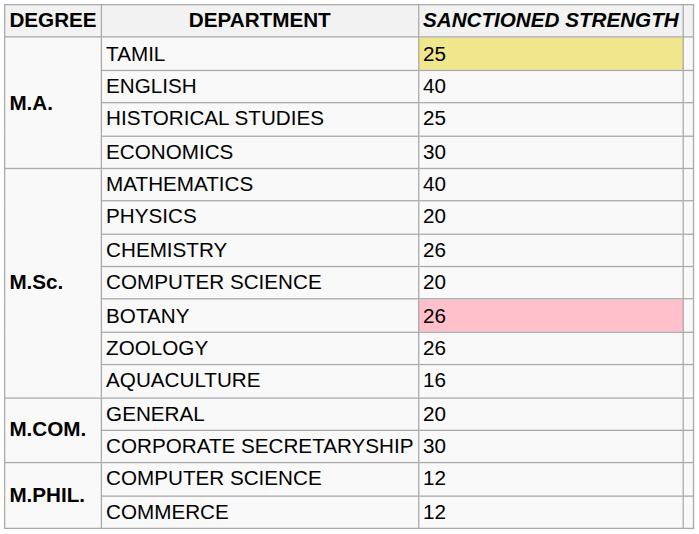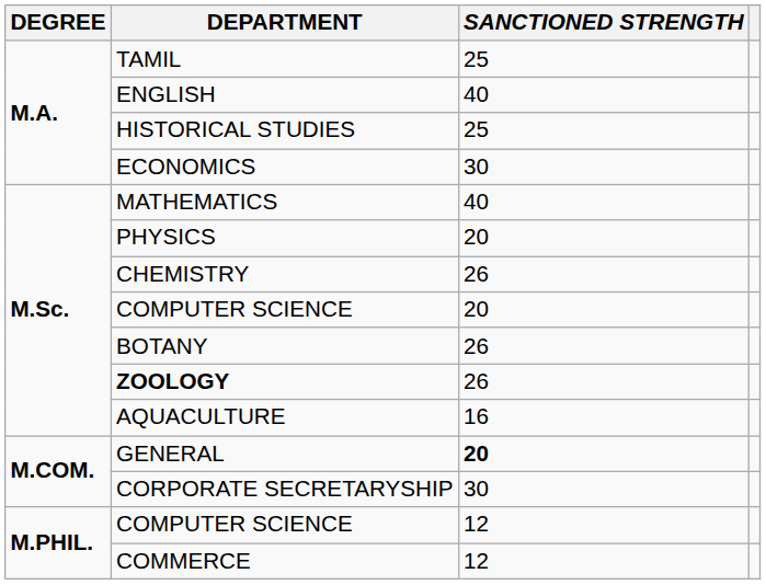 <table class="wikitable sortable">
 <tr>
 <th><strong>DEGREE</strong></th>
 <th><strong>DEPARTMENT</strong></th>
 <th><em>SANCTIONED STRENGTH</em></th>
 <th></th>
 </tr>
 <tr>
 <td rowspan="4"><strong>M.A.</strong></td>
 <td>TAMIL</td>
-<td style="background: khaki;">25</td>
+<td>25</td>
 <td></td>
 </tr>
 <tr>
 <td>ENGLISH</td>
 <td>40</td>
 <td></td>
 </tr>
 <tr>
 <td>HISTORICAL STUDIES</td>
 <td>25</td>
 <td></td>
 </tr>
 <tr>
 <td>ECONOMICS</td>
 <td>30</td>
 <td></td>
 </tr>
 <tr>
 <td rowspan="7"><strong>M.Sc.</strong></td>
 <td>MATHEMATICS</td>
 <td>40</td>
 <td></td>
 </tr>
 <tr>
 <td>PHYSICS</td>
 <td>20</td>
 <td></td>
 </tr>
 <tr>
 <td>CHEMISTRY</td>
 <td>26</td>
 <td></td>
 </tr>
 <tr>
 <td>COMPUTER SCIENCE</td>
 <td>20</td>
 <td></td>
 </tr>
 <tr>
 <td>BOTANY</td>
-<td style="background: pink;">26</td>
+<td>26</td>
 <td></td>
 </tr>
 <tr>
-<td>ZOOLOGY</td>
+<td><strong>ZOOLOGY</strong></td>
 <td>26</td>
 <td></td>
 </tr>
 <tr>
 <td>AQUACULTURE</td>
 <td>16</td>
 <td></td>
 </tr>
 <tr>
 <td rowspan="2"><strong>M.COM.</strong></td>
 <td>GENERAL</td>
-<td>20</td>
+<td><strong>20</strong></td>
 <td></td>
 </tr>
 <tr>
 <td>CORPORATE SECRETARYSHIP</td>
 <td>30</td>
 <td></td>
 </tr>
 <tr>
 <td rowspan="2"><strong>M.PHIL.</strong></td>
 <td>COMPUTER SCIENCE</td>
 <td>12</td>
 <td></td>
 </tr>
 <tr>
 <td>COMMERCE</td>
 <td>12</td>
 <td></td>
 </tr>
 </table>
